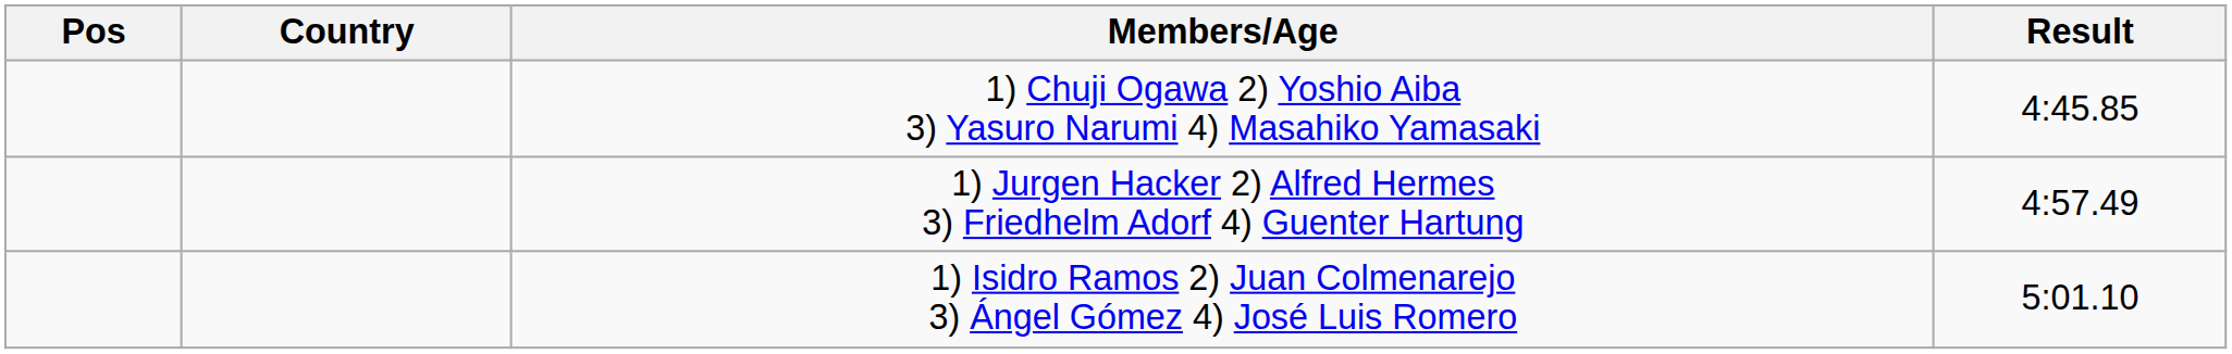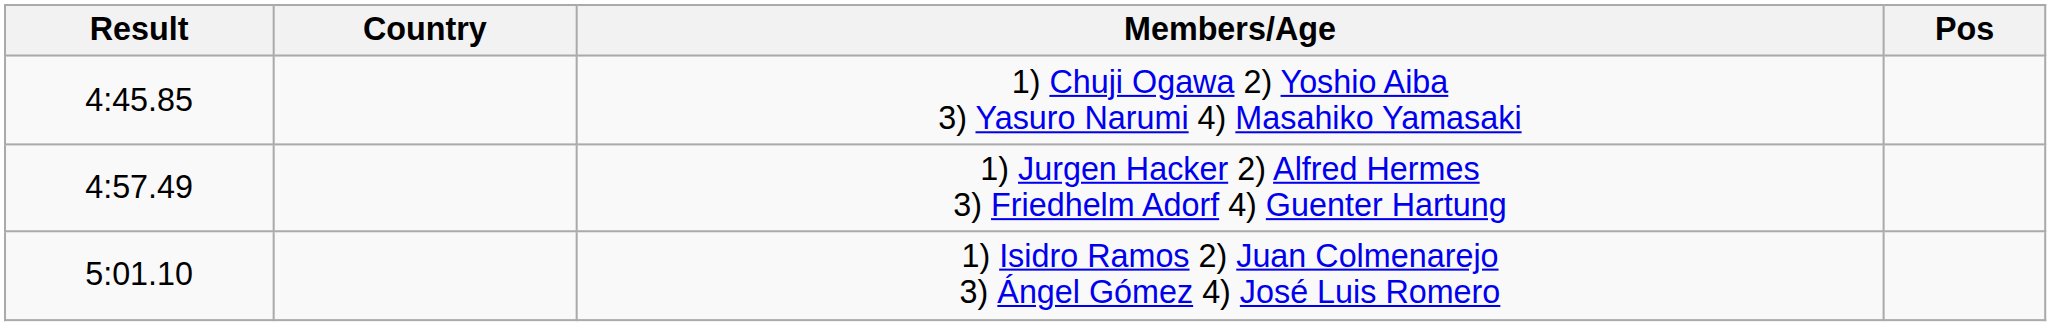 <table class="wikitable"  style="text-align:center; width:80%;">
 <tr>
-<th>Pos</th>
+<th>Result</th>
 <th>Country</th>
 <th>Members/Age</th>
-<th>Result</th>
+<th>Pos</th>
 </tr>
 <tr>
-<td align=center></td>
+<td>4:45.85</td>
 <td align=left></td>
 <td>1) <a href='#'>Chuji Ogawa</a> 2) <a href='#'>Yoshio Aiba</a><br>3) <a href='#'>Yasuro Narumi</a> 4) <a href='#'>Masahiko Yamasaki</a></td>
-<td>4:45.85</td>
+<td align=center></td>
 </tr>
 <tr>
-<td align=center></td>
+<td>4:57.49</td>
 <td align=left></td>
 <td>1) <a href='#'>Jurgen Hacker</a> 2) <a href='#'>Alfred Hermes</a><br>3) <a href='#'>Friedhelm Adorf</a> 4) <a href='#'>Guenter Hartung</a></td>
-<td>4:57.49</td>
+<td align=center></td>
 </tr>
 <tr>
-<td align=center></td>
+<td>5:01.10</td>
 <td align=left></td>
 <td>1) <a href='#'>Isidro Ramos</a> 2) <a href='#'>Juan Colmenarejo</a><br>3) <a href='#'>Ángel Gómez</a> 4) <a href='#'>José Luis Romero</a></td>
-<td>5:01.10</td>
+<td align=center></td>
 </tr>
 </table>
